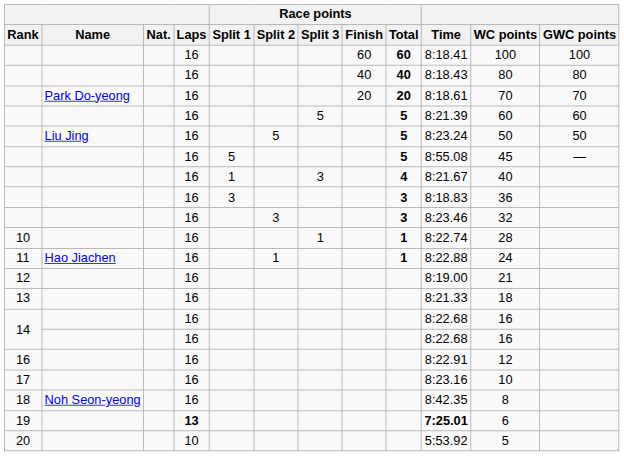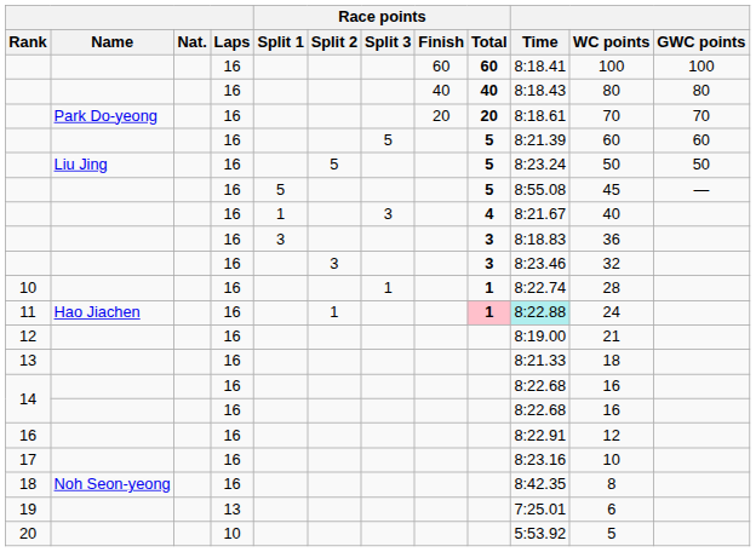 <table class="wikitable sortable" style="text-align:center">
 <tr>
 <th colspan=4></th>
 <th colspan=5>Race points</th>
 <th colspan=3></th>
 </tr>
 <tr>
 <th>Rank</th>
 <th>Name</th>
 <th>Nat.</th>
 <th>Laps</th>
 <th>Split 1</th>
 <th>Split 2</th>
 <th>Split 3</th>
 <th>Finish</th>
 <th>Total</th>
 <th>Time</th>
 <th>WC points</th>
 <th>GWC points</th>
 </tr>
 <tr>
 <td></td>
 <td align=left></td>
 <td></td>
 <td>16</td>
 <td></td>
 <td></td>
 <td></td>
 <td>60</td>
 <td><strong>60</strong></td>
 <td>8:18.41</td>
 <td>100</td>
 <td>100</td>
 </tr>
 <tr>
 <td></td>
 <td align=left></td>
 <td></td>
 <td>16</td>
 <td></td>
 <td></td>
 <td></td>
 <td>40</td>
 <td><strong>40</strong></td>
 <td>8:18.43</td>
 <td>80</td>
 <td>80</td>
 </tr>
 <tr>
 <td></td>
 <td align=left><a href='#'>Park Do-yeong</a></td>
 <td></td>
 <td>16</td>
 <td></td>
 <td></td>
 <td></td>
 <td>20</td>
 <td><strong>20</strong></td>
 <td>8:18.61</td>
 <td>70</td>
 <td>70</td>
 </tr>
 <tr>
 <td></td>
 <td align=left></td>
 <td></td>
 <td>16</td>
 <td></td>
 <td></td>
 <td>5</td>
 <td></td>
 <td><strong>5</strong></td>
 <td>8:21.39</td>
 <td>60</td>
 <td>60</td>
 </tr>
 <tr>
 <td></td>
 <td align=left><a href='#'>Liu Jing</a></td>
 <td></td>
 <td>16</td>
 <td></td>
 <td>5</td>
 <td></td>
 <td></td>
 <td><strong>5</strong></td>
 <td>8:23.24</td>
 <td>50</td>
 <td>50</td>
 </tr>
 <tr>
 <td></td>
 <td align=left></td>
 <td></td>
 <td>16</td>
 <td>5</td>
 <td></td>
 <td></td>
 <td></td>
 <td><strong>5</strong></td>
 <td>8:55.08</td>
 <td>45</td>
 <td>—</td>
 </tr>
 <tr>
 <td></td>
 <td align=left></td>
 <td></td>
 <td>16</td>
 <td>1</td>
 <td></td>
 <td>3</td>
 <td></td>
 <td><strong>4</strong></td>
 <td>8:21.67</td>
 <td>40</td>
 <td></td>
 </tr>
 <tr>
 <td></td>
 <td align=left></td>
 <td></td>
 <td>16</td>
 <td>3</td>
 <td></td>
 <td></td>
 <td></td>
 <td><strong>3</strong></td>
 <td>8:18.83</td>
 <td>36</td>
 <td></td>
 </tr>
 <tr>
 <td></td>
 <td align=left></td>
 <td></td>
 <td>16</td>
 <td></td>
 <td>3</td>
 <td></td>
 <td></td>
 <td><strong>3</strong></td>
 <td>8:23.46</td>
 <td>32</td>
 <td></td>
 </tr>
 <tr>
 <td>10</td>
 <td align=left></td>
 <td></td>
 <td>16</td>
 <td></td>
 <td></td>
 <td>1</td>
 <td></td>
 <td><strong>1</strong></td>
 <td>8:22.74</td>
 <td>28</td>
 <td></td>
 </tr>
 <tr>
 <td>11</td>
 <td align=left><a href='#'>Hao Jiachen</a></td>
 <td></td>
 <td>16</td>
 <td></td>
 <td>1</td>
 <td></td>
 <td></td>
-<td><strong>1</strong></td>
-<td>8:22.88</td>
+<td style="background: pink;"><strong>1</strong></td>
+<td style="background: paleturquoise;">8:22.88</td>
 <td>24</td>
 <td></td>
 </tr>
 <tr>
 <td>12</td>
 <td align=left></td>
 <td></td>
 <td>16</td>
 <td></td>
 <td></td>
 <td></td>
 <td></td>
 <td></td>
 <td>8:19.00</td>
 <td>21</td>
 <td></td>
 </tr>
 <tr>
 <td>13</td>
 <td align=left></td>
 <td></td>
 <td>16</td>
 <td></td>
 <td></td>
 <td></td>
 <td></td>
 <td></td>
 <td>8:21.33</td>
 <td>18</td>
 <td></td>
 </tr>
 <tr>
 <td rowspan=2>14</td>
 <td align=left></td>
 <td></td>
 <td>16</td>
 <td></td>
 <td></td>
 <td></td>
 <td></td>
 <td></td>
 <td>8:22.68</td>
 <td>16</td>
 <td></td>
 </tr>
 <tr>
 <td align=left></td>
 <td></td>
 <td>16</td>
 <td></td>
 <td></td>
 <td></td>
 <td></td>
 <td></td>
 <td>8:22.68</td>
 <td>16</td>
 <td></td>
 </tr>
 <tr>
 <td>16</td>
 <td align=left></td>
 <td></td>
 <td>16</td>
 <td></td>
 <td></td>
 <td></td>
 <td></td>
 <td></td>
 <td>8:22.91</td>
 <td>12</td>
 <td></td>
 </tr>
 <tr>
 <td>17</td>
 <td align=left></td>
 <td></td>
 <td>16</td>
 <td></td>
 <td></td>
 <td></td>
 <td></td>
 <td></td>
 <td>8:23.16</td>
 <td>10</td>
 <td></td>
 </tr>
 <tr>
 <td>18</td>
 <td align=left><a href='#'>Noh Seon-yeong</a></td>
 <td></td>
 <td>16</td>
 <td></td>
 <td></td>
 <td></td>
 <td></td>
 <td></td>
 <td>8:42.35</td>
 <td>8</td>
 <td></td>
 </tr>
 <tr>
 <td>19</td>
 <td align=left></td>
 <td></td>
-<td><strong>13</strong></td>
+<td>13</td>
 <td></td>
 <td></td>
 <td></td>
 <td></td>
 <td></td>
-<td><strong>7:25.01</strong></td>
+<td>7:25.01</td>
 <td>6</td>
 <td></td>
 </tr>
 <tr>
 <td>20</td>
 <td align=left></td>
 <td></td>
 <td>10</td>
 <td></td>
 <td></td>
 <td></td>
 <td></td>
 <td></td>
 <td>5:53.92</td>
 <td>5</td>
 <td></td>
 </tr>
 </table>
